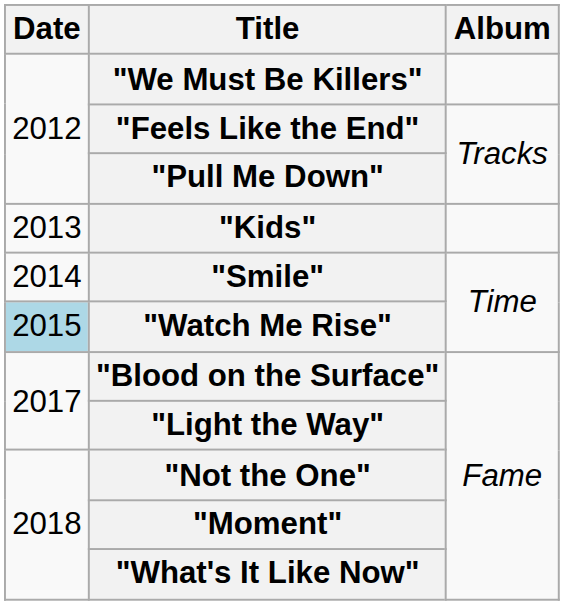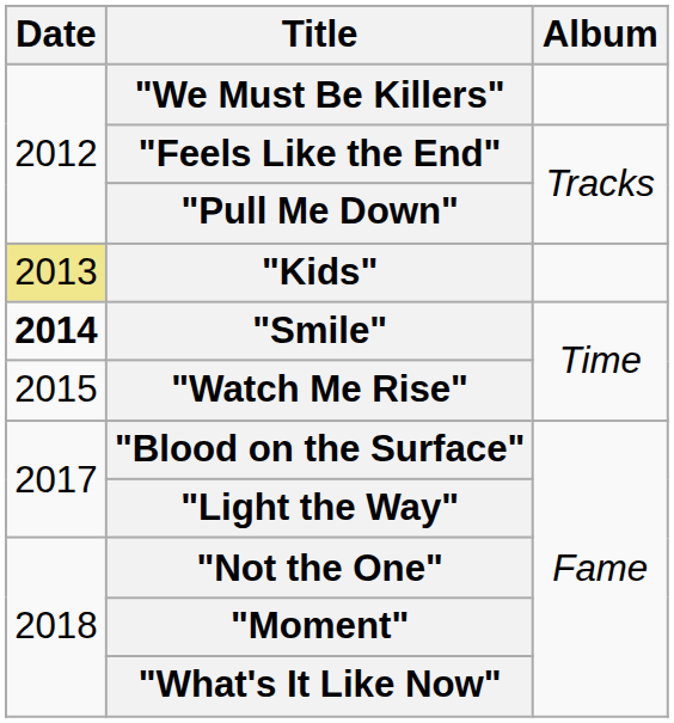 <table class="wikitable plainrowheaders" style="text-align:center;">
 <tr>
 <th scope="col">Date</th>
 <th scope="col">Title</th>
 <th scope="col">Album</th>
 </tr>
 <tr>
 <td rowspan="3">2012</td>
 <th scope="row">"We Must Be Killers"</th>
 <td></td>
 </tr>
 <tr>
 <th scope="row">"Feels Like the End"</th>
 <td rowspan="2"><em>Tracks</em></td>
 </tr>
 <tr>
 <th scope="row">"Pull Me Down"</th>
 </tr>
 <tr>
-<td>2013</td>
+<td style="background: khaki;">2013</td>
 <th scope="row">"Kids"</th>
 <td></td>
 </tr>
 <tr>
-<td>2014</td>
+<td><strong>2014</strong></td>
 <th scope="row">"Smile"</th>
 <td rowspan="2"><em>Time</em></td>
 </tr>
 <tr>
-<td style="background: lightblue;">2015</td>
+<td>2015</td>
 <th scope="row">"Watch Me Rise"</th>
 </tr>
 <tr>
 <td rowspan="2">2017</td>
 <th scope="row">"Blood on the Surface"</th>
 <td rowspan="5"><em>Fame</em></td>
 </tr>
 <tr>
 <th scope="row">"Light the Way"</th>
 </tr>
 <tr>
 <td rowspan="4">2018</td>
 <th scope="row">"Not the One"</th>
 </tr>
 <tr>
 <th scope="row">"Moment"</th>
 </tr>
 <tr>
 <th scope="row">"What's It Like Now"</th>
 </tr>
 </table>
